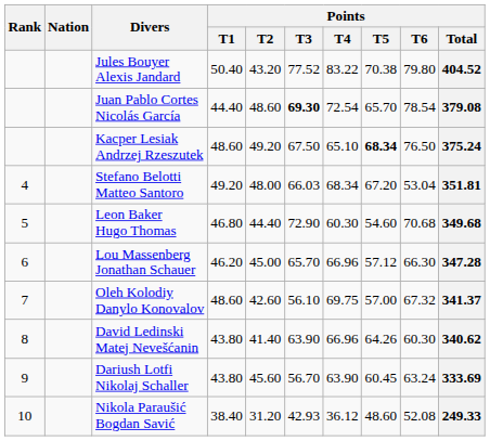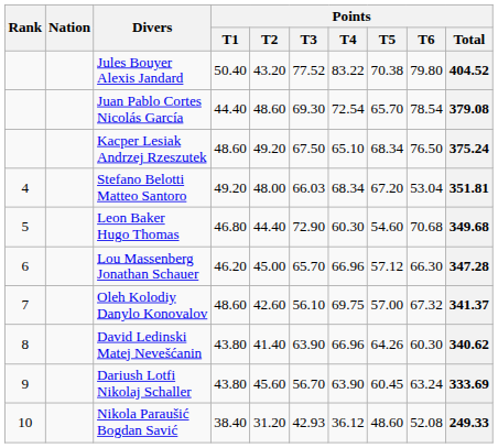 <table class="wikitable" style="text-align:center">
 <tr>
 <th rowspan=2>Rank</th>
 <th rowspan=2>Nation</th>
 <th rowspan=2>Divers</th>
 <th colspan=7>Points</th>
 </tr>
 <tr>
 <th>T1</th>
 <th>T2</th>
 <th>T3</th>
 <th>T4</th>
 <th>T5</th>
 <th>T6</th>
 <th>Total</th>
 </tr>
 <tr>
 <td></td>
 <td align=left></td>
 <td align=left><a href='#'>Jules Bouyer</a><br><a href='#'>Alexis Jandard</a></td>
 <td>50.40</td>
 <td>43.20</td>
 <td>77.52</td>
 <td>83.22</td>
 <td>70.38</td>
 <td>79.80</td>
 <th>404.52</th>
 </tr>
 <tr>
 <td></td>
 <td align=left></td>
 <td align=left><a href='#'>Juan Pablo Cortes</a><br><a href='#'>Nicolás García</a></td>
 <td>44.40</td>
 <td>48.60</td>
-<td><strong>69.30</strong></td>
+<td>69.30</td>
 <td>72.54</td>
 <td>65.70</td>
 <td>78.54</td>
 <th>379.08</th>
 </tr>
 <tr>
 <td></td>
 <td align=left></td>
 <td align=left><a href='#'>Kacper Lesiak</a><br><a href='#'>Andrzej Rzeszutek</a></td>
 <td>48.60</td>
 <td>49.20</td>
 <td>67.50</td>
 <td>65.10</td>
-<td><strong>68.34</strong></td>
+<td>68.34</td>
 <td>76.50</td>
 <th>375.24</th>
 </tr>
 <tr>
 <td>4</td>
 <td align=left></td>
 <td align=left><a href='#'>Stefano Belotti</a><br><a href='#'>Matteo Santoro</a></td>
 <td>49.20</td>
 <td>48.00</td>
 <td>66.03</td>
 <td>68.34</td>
 <td>67.20</td>
 <td>53.04</td>
 <th>351.81</th>
 </tr>
 <tr>
 <td>5</td>
 <td align=left></td>
 <td align=left><a href='#'>Leon Baker</a><br><a href='#'>Hugo Thomas</a></td>
 <td>46.80</td>
 <td>44.40</td>
 <td>72.90</td>
 <td>60.30</td>
 <td>54.60</td>
 <td>70.68</td>
 <th>349.68</th>
 </tr>
 <tr>
 <td>6</td>
 <td align=left></td>
 <td align=left><a href='#'>Lou Massenberg</a><br><a href='#'>Jonathan Schauer</a></td>
 <td>46.20</td>
 <td>45.00</td>
 <td>65.70</td>
 <td>66.96</td>
 <td>57.12</td>
 <td>66.30</td>
 <th>347.28</th>
 </tr>
 <tr>
 <td>7</td>
 <td align=left></td>
 <td align=left><a href='#'>Oleh Kolodiy</a><br><a href='#'>Danylo Konovalov</a></td>
 <td>48.60</td>
 <td>42.60</td>
 <td>56.10</td>
 <td>69.75</td>
 <td>57.00</td>
 <td>67.32</td>
 <th>341.37</th>
 </tr>
 <tr>
 <td>8</td>
 <td align=left></td>
 <td align=left><a href='#'>David Ledinski</a><br><a href='#'>Matej Nevešćanin</a></td>
 <td>43.80</td>
 <td>41.40</td>
 <td>63.90</td>
 <td>66.96</td>
 <td>64.26</td>
 <td>60.30</td>
 <th>340.62</th>
 </tr>
 <tr>
 <td>9</td>
 <td align=left></td>
 <td align=left><a href='#'>Dariush Lotfi</a><br><a href='#'>Nikolaj Schaller</a></td>
 <td>43.80</td>
 <td>45.60</td>
 <td>56.70</td>
 <td>63.90</td>
 <td>60.45</td>
 <td>63.24</td>
 <th>333.69</th>
 </tr>
 <tr>
 <td>10</td>
 <td align=left></td>
 <td align=left><a href='#'>Nikola Paraušić</a><br><a href='#'>Bogdan Savić</a></td>
 <td>38.40</td>
 <td>31.20</td>
 <td>42.93</td>
 <td>36.12</td>
 <td>48.60</td>
 <td>52.08</td>
 <th>249.33</th>
 </tr>
 </table>
